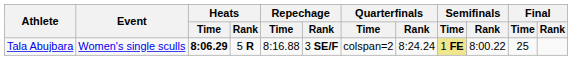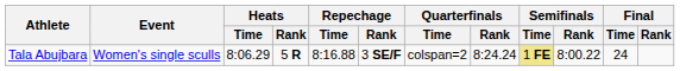 <table class="wikitable" style="font-size:90%">
 <tr>
 <th rowspan="2">Athlete</th>
 <th rowspan="2">Event</th>
 <th colspan="2">Heats</th>
 <th colspan="2">Repechage</th>
 <th colspan="2">Quarterfinals</th>
 <th colspan="2">Semifinals</th>
 <th colspan="2">Final</th>
 </tr>
 <tr style="font-size:95%">
 <th>Time</th>
 <th>Rank</th>
 <th>Time</th>
 <th>Rank</th>
 <th>Time</th>
 <th>Rank</th>
 <th>Time</th>
 <th>Rank</th>
 <th>Time</th>
 <th>Rank</th>
 </tr>
 <tr align=center>
 <td align=left><a href='#'>Tala Abujbara</a></td>
 <td align=left><a href='#'>Women's single sculls</a></td>
-<td><strong>8:06.29</strong></td>
+<td>8:06.29</td>
 <td>5 <strong>R</strong></td>
 <td>8:16.88</td>
 <td>3 <strong>SE/F</strong></td>
 <td>colspan=2 </td>
 <td>8:24.24</td>
 <td style="background: khaki;">1 <strong>FE</strong></td>
 <td>8:00.22</td>
-<td>25</td>
+<td>24</td>
 </tr>
 </table>
